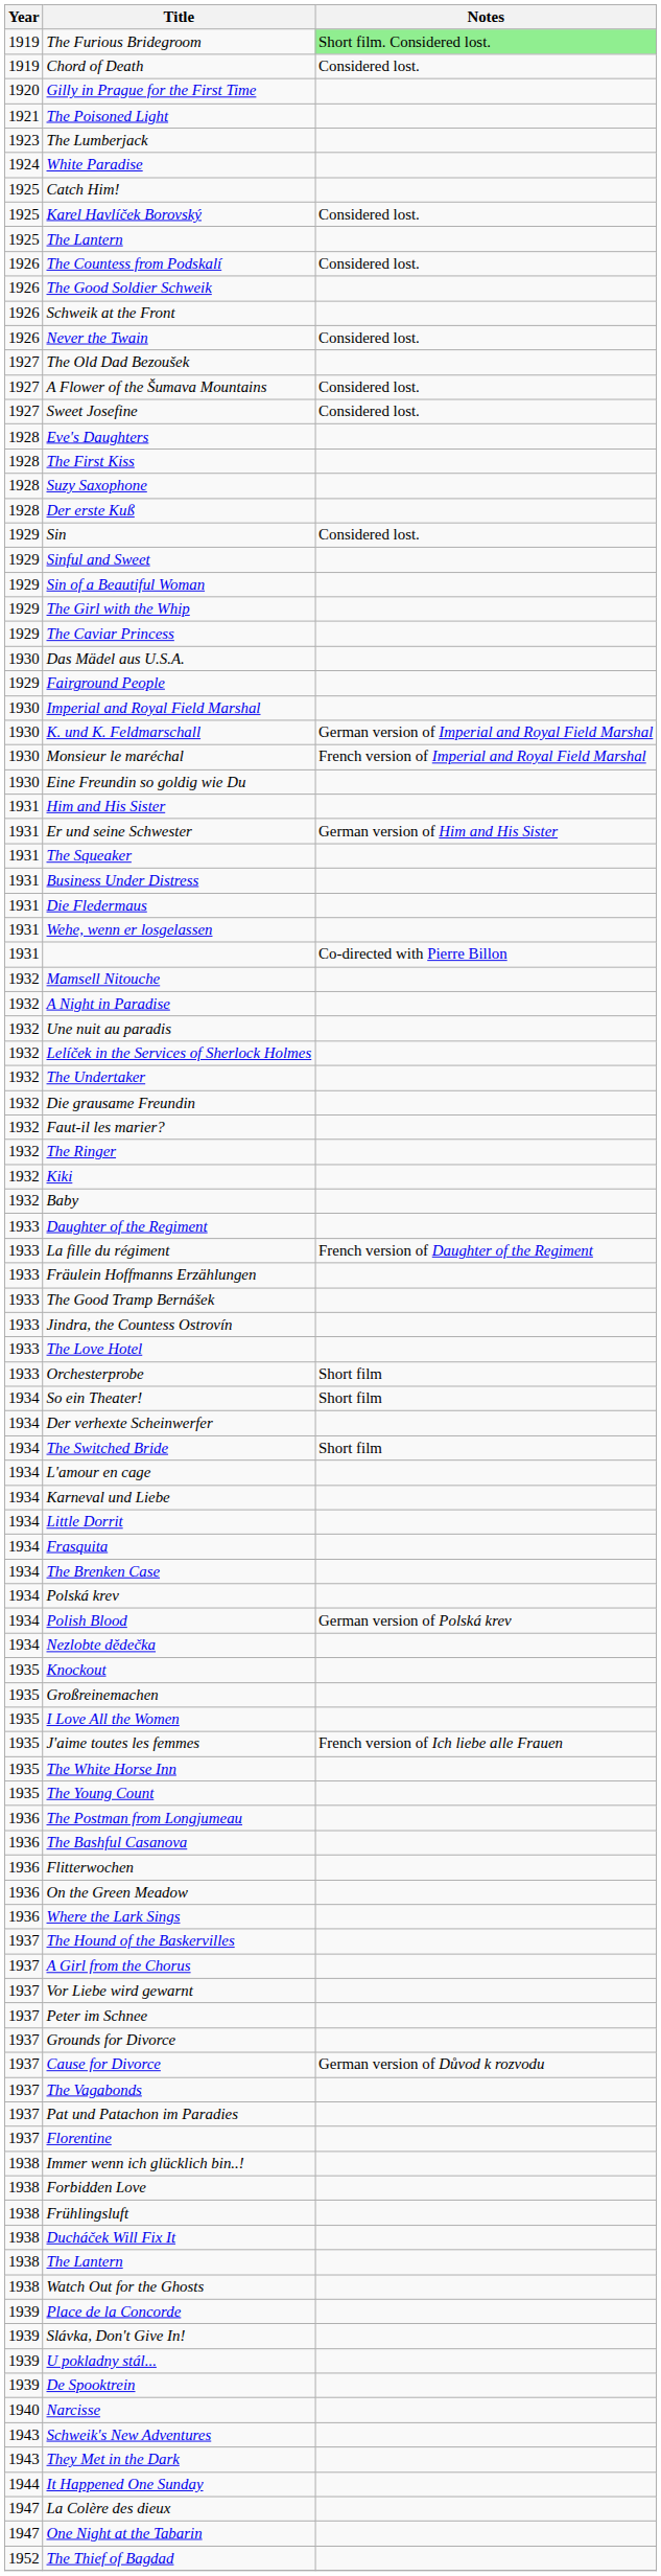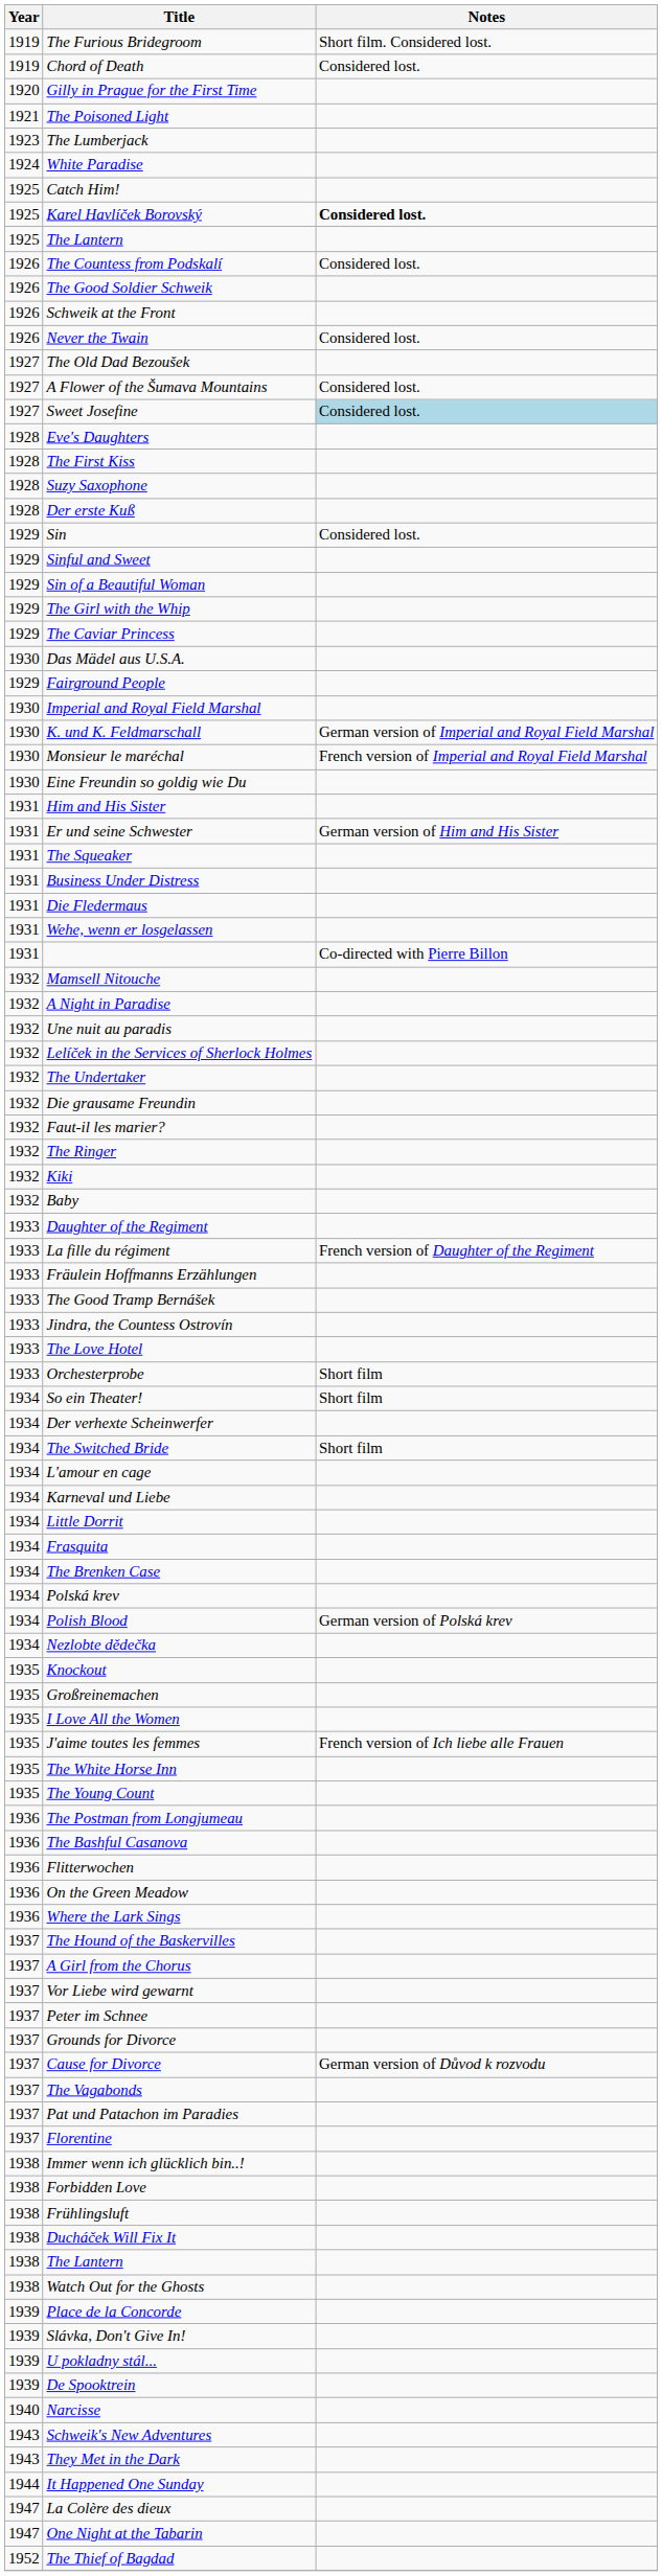 <table class="wikitable sortable">
 <tr>
 <th>Year</th>
 <th>Title</th>
 <th>Notes</th>
 </tr>
 <tr>
 <td>1919</td>
 <td><em>The Furious Bridegroom</em></td>
-<td style="background: lightgreen;">Short film. Considered lost.</td>
+<td>Short film. Considered lost.</td>
 </tr>
 <tr>
 <td>1919</td>
 <td><em>Chord of Death</em></td>
 <td>Considered lost.</td>
 </tr>
 <tr>
 <td>1920</td>
 <td><em><a href='#'>Gilly in Prague for the First Time</a></em></td>
 <td></td>
 </tr>
 <tr>
 <td>1921</td>
 <td><em><a href='#'>The Poisoned Light</a></em></td>
 <td></td>
 </tr>
 <tr>
 <td>1923</td>
 <td><em>The Lumberjack</em></td>
 <td></td>
 </tr>
 <tr>
 <td>1924</td>
 <td><em><a href='#'>White Paradise</a></em></td>
 <td></td>
 </tr>
 <tr>
 <td>1925</td>
 <td><em>Catch Him!</em></td>
 <td></td>
 </tr>
 <tr>
 <td>1925</td>
 <td><em><a href='#'>Karel Havlíček Borovský</a></em></td>
-<td>Considered lost.</td>
+<td><strong>Considered lost.</strong></td>
 </tr>
 <tr>
 <td>1925</td>
 <td><em><a href='#'>The Lantern</a></em></td>
 <td></td>
 </tr>
 <tr>
 <td>1926</td>
 <td><em><a href='#'>The Countess from Podskalí</a></em></td>
 <td>Considered lost.</td>
 </tr>
 <tr>
 <td>1926</td>
 <td><em><a href='#'>The Good Soldier Schweik</a></em></td>
 <td></td>
 </tr>
 <tr>
 <td>1926</td>
 <td><em>Schweik at the Front</em></td>
 <td></td>
 </tr>
 <tr>
 <td>1926</td>
 <td><em><a href='#'>Never the Twain</a></em></td>
 <td>Considered lost.</td>
 </tr>
 <tr>
 <td>1927</td>
 <td><em>The Old Dad Bezoušek</em></td>
 <td></td>
 </tr>
 <tr>
 <td>1927</td>
 <td><em>A Flower of the Šumava Mountains</em></td>
 <td>Considered lost.</td>
 </tr>
 <tr>
 <td>1927</td>
 <td><em>Sweet Josefine</em></td>
-<td>Considered lost.</td>
+<td style="background: lightblue;">Considered lost.</td>
 </tr>
 <tr>
 <td>1928</td>
 <td><em><a href='#'>Eve's Daughters</a></em></td>
 <td></td>
 </tr>
 <tr>
 <td>1928</td>
 <td><em><a href='#'>The First Kiss</a></em></td>
 <td></td>
 </tr>
 <tr>
 <td>1928</td>
 <td><em><a href='#'>Suzy Saxophone</a></em></td>
 <td></td>
 </tr>
 <tr>
 <td>1928</td>
 <td><em><a href='#'>Der erste Kuß</a></em></td>
 <td></td>
 </tr>
 <tr>
 <td>1929</td>
 <td><em>Sin</em></td>
 <td>Considered lost.</td>
 </tr>
 <tr>
 <td>1929</td>
 <td><em><a href='#'>Sinful and Sweet</a></em></td>
 <td></td>
 </tr>
 <tr>
 <td>1929</td>
 <td><em><a href='#'>Sin of a Beautiful Woman</a></em></td>
 <td></td>
 </tr>
 <tr>
 <td>1929</td>
 <td><em><a href='#'>The Girl with the Whip</a></em></td>
 <td></td>
 </tr>
 <tr>
 <td>1929</td>
 <td><em><a href='#'>The Caviar Princess</a></em></td>
 <td></td>
 </tr>
 <tr>
 <td>1930</td>
 <td><em>Das Mädel aus U.S.A.</em></td>
 <td></td>
 </tr>
 <tr>
 <td>1929</td>
 <td><em><a href='#'>Fairground People</a></em></td>
 <td></td>
 </tr>
 <tr>
 <td>1930</td>
 <td><em><a href='#'>Imperial and Royal Field Marshal</a></em></td>
 <td></td>
 </tr>
 <tr>
 <td>1930</td>
 <td><em><a href='#'>K. und K. Feldmarschall</a></em></td>
 <td>German version of <em><a href='#'>Imperial and Royal Field Marshal</a></em></td>
 </tr>
 <tr>
 <td>1930</td>
 <td><em>Monsieur le maréchal</em></td>
 <td>French version of <em><a href='#'>Imperial and Royal Field Marshal</a></em></td>
 </tr>
 <tr>
 <td>1930</td>
 <td><em>Eine Freundin so goldig wie Du</em></td>
 <td></td>
 </tr>
 <tr>
 <td>1931</td>
 <td><em><a href='#'>Him and His Sister</a></em></td>
 <td></td>
 </tr>
 <tr>
 <td>1931</td>
 <td><em>Er und seine Schwester</em></td>
 <td>German version of <em><a href='#'>Him and His Sister</a></em></td>
 </tr>
 <tr>
 <td>1931</td>
 <td><em><a href='#'>The Squeaker</a></em></td>
 <td></td>
 </tr>
 <tr>
 <td>1931</td>
 <td><em><a href='#'>Business Under Distress</a></em></td>
 <td></td>
 </tr>
 <tr>
 <td>1931</td>
 <td><em><a href='#'>Die Fledermaus</a></em></td>
 <td></td>
 </tr>
 <tr>
 <td>1931</td>
 <td><em><a href='#'>Wehe, wenn er losgelassen</a></em></td>
 <td></td>
 </tr>
 <tr>
 <td>1931</td>
 <td><em></em></td>
 <td>Co-directed with <a href='#'>Pierre Billon</a></td>
 </tr>
 <tr>
 <td>1932</td>
 <td><em><a href='#'>Mamsell Nitouche</a></em></td>
 <td></td>
 </tr>
 <tr>
 <td>1932</td>
 <td><em><a href='#'>A Night in Paradise</a></em></td>
 <td></td>
 </tr>
 <tr>
 <td>1932</td>
 <td><em>Une nuit au paradis</em></td>
 <td></td>
 </tr>
 <tr>
 <td>1932</td>
 <td><em><a href='#'>Lelíček in the Services of Sherlock Holmes</a></em></td>
 <td></td>
 </tr>
 <tr>
 <td>1932</td>
 <td><em><a href='#'>The Undertaker</a></em></td>
 <td></td>
 </tr>
 <tr>
 <td>1932</td>
 <td><em>Die grausame Freundin</em></td>
 <td></td>
 </tr>
 <tr>
 <td>1932</td>
 <td><em>Faut-il les marier?</em></td>
 <td></td>
 </tr>
 <tr>
 <td>1932</td>
 <td><em><a href='#'>The Ringer</a></em></td>
 <td></td>
 </tr>
 <tr>
 <td>1932</td>
 <td><em><a href='#'>Kiki</a></em></td>
 <td></td>
 </tr>
 <tr>
 <td>1932</td>
 <td><em>Baby</em></td>
 <td></td>
 </tr>
 <tr>
 <td>1933</td>
 <td><em><a href='#'>Daughter of the Regiment</a></em></td>
 <td></td>
 </tr>
 <tr>
 <td>1933</td>
 <td><em>La fille du régiment</em></td>
 <td>French version of <em><a href='#'>Daughter of the Regiment</a></em></td>
 </tr>
 <tr>
 <td>1933</td>
 <td><em>Fräulein Hoffmanns Erzählungen</em></td>
 <td></td>
 </tr>
 <tr>
 <td>1933</td>
 <td><em>The Good Tramp Bernášek</em></td>
 <td></td>
 </tr>
 <tr>
 <td>1933</td>
 <td><em>Jindra, the Countess Ostrovín</em></td>
 <td></td>
 </tr>
 <tr>
 <td>1933</td>
 <td><em><a href='#'>The Love Hotel</a></em></td>
 <td></td>
 </tr>
 <tr>
 <td>1933</td>
 <td><em>Orchesterprobe</em></td>
 <td>Short film</td>
 </tr>
 <tr>
 <td>1934</td>
 <td><em>So ein Theater!</em></td>
 <td>Short film</td>
 </tr>
 <tr>
 <td>1934</td>
 <td><em>Der verhexte Scheinwerfer</em></td>
 <td></td>
 </tr>
 <tr>
 <td>1934</td>
 <td><em><a href='#'>The Switched Bride</a></em></td>
 <td>Short film</td>
 </tr>
 <tr>
 <td>1934</td>
 <td><em>L'amour en cage</em></td>
 <td></td>
 </tr>
 <tr>
 <td>1934</td>
 <td><em>Karneval und Liebe</em></td>
 <td></td>
 </tr>
 <tr>
 <td>1934</td>
 <td><em><a href='#'>Little Dorrit</a></em></td>
 <td></td>
 </tr>
 <tr>
 <td>1934</td>
 <td><em><a href='#'>Frasquita</a></em></td>
 <td></td>
 </tr>
 <tr>
 <td>1934</td>
 <td><em><a href='#'>The Brenken Case</a></em></td>
 <td></td>
 </tr>
 <tr>
 <td>1934</td>
 <td><em>Polská krev</em></td>
 <td></td>
 </tr>
 <tr>
 <td>1934</td>
 <td><em><a href='#'>Polish Blood</a></em></td>
 <td>German version of <em>Polská krev</em></td>
 </tr>
 <tr>
 <td>1934</td>
 <td><em><a href='#'>Nezlobte dědečka</a></em></td>
 <td></td>
 </tr>
 <tr>
 <td>1935</td>
 <td><em><a href='#'>Knockout</a></em></td>
 <td></td>
 </tr>
 <tr>
 <td>1935</td>
 <td><em>Großreinemachen</em></td>
 <td></td>
 </tr>
 <tr>
 <td>1935</td>
 <td><em><a href='#'>I Love All the Women</a></em></td>
 <td></td>
 </tr>
 <tr>
 <td>1935</td>
 <td><em>J'aime toutes les femmes</em></td>
 <td>French version of <em>Ich liebe alle Frauen</em></td>
 </tr>
 <tr>
 <td>1935</td>
 <td><em><a href='#'>The White Horse Inn</a></em></td>
 <td></td>
 </tr>
 <tr>
 <td>1935</td>
 <td><em><a href='#'>The Young Count</a></em></td>
 <td></td>
 </tr>
 <tr>
 <td>1936</td>
 <td><em><a href='#'>The Postman from Longjumeau</a></em></td>
 <td></td>
 </tr>
 <tr>
 <td>1936</td>
 <td><em><a href='#'>The Bashful Casanova</a></em></td>
 <td></td>
 </tr>
 <tr>
 <td>1936</td>
 <td><em>Flitterwochen</em></td>
 <td></td>
 </tr>
 <tr>
 <td>1936</td>
 <td><em>On the Green Meadow</em></td>
 <td></td>
 </tr>
 <tr>
 <td>1936</td>
 <td><em><a href='#'>Where the Lark Sings</a></em></td>
 <td></td>
 </tr>
 <tr>
 <td>1937</td>
 <td><em><a href='#'>The Hound of the Baskervilles</a></em></td>
 <td></td>
 </tr>
 <tr>
 <td>1937</td>
 <td><em><a href='#'>A Girl from the Chorus</a></em></td>
 <td></td>
 </tr>
 <tr>
 <td>1937</td>
 <td><em>Vor Liebe wird gewarnt</em></td>
 <td></td>
 </tr>
 <tr>
 <td>1937</td>
 <td><em>Peter im Schnee</em></td>
 <td></td>
 </tr>
 <tr>
 <td>1937</td>
 <td><em>Grounds for Divorce</em></td>
 <td></td>
 </tr>
 <tr>
 <td>1937</td>
 <td><em><a href='#'>Cause for Divorce</a></em></td>
 <td>German version of <em>Důvod k rozvodu</em></td>
 </tr>
 <tr>
 <td>1937</td>
 <td><em><a href='#'>The Vagabonds</a></em></td>
 <td></td>
 </tr>
 <tr>
 <td>1937</td>
 <td><em>Pat und Patachon im Paradies</em></td>
 <td></td>
 </tr>
 <tr>
 <td>1937</td>
 <td><em><a href='#'>Florentine</a></em></td>
 <td></td>
 </tr>
 <tr>
 <td>1938</td>
 <td><em>Immer wenn ich glücklich bin..!</em></td>
 <td></td>
 </tr>
 <tr>
 <td>1938</td>
 <td><em>Forbidden Love</em></td>
 <td></td>
 </tr>
 <tr>
 <td>1938</td>
 <td><em>Frühlingsluft</em></td>
 <td></td>
 </tr>
 <tr>
 <td>1938</td>
 <td><em><a href='#'>Ducháček Will Fix It</a></em></td>
 <td></td>
 </tr>
 <tr>
 <td>1938</td>
 <td><em><a href='#'>The Lantern</a></em></td>
 <td></td>
 </tr>
 <tr>
 <td>1938</td>
 <td><em>Watch Out for the Ghosts</em></td>
 <td></td>
 </tr>
 <tr>
 <td>1939</td>
 <td><em><a href='#'>Place de la Concorde</a></em></td>
 <td></td>
 </tr>
 <tr>
 <td>1939</td>
 <td><em>Slávka, Don't Give In!</em></td>
 <td></td>
 </tr>
 <tr>
 <td>1939</td>
 <td><em><a href='#'>U pokladny stál...</a></em></td>
 <td></td>
 </tr>
 <tr>
 <td>1939</td>
 <td><em><a href='#'>De Spooktrein</a></em></td>
 <td></td>
 </tr>
 <tr>
 <td>1940</td>
 <td><em><a href='#'>Narcisse</a></em></td>
 <td></td>
 </tr>
 <tr>
 <td>1943</td>
 <td><em><a href='#'>Schweik's New Adventures</a></em></td>
 <td></td>
 </tr>
 <tr>
 <td>1943</td>
 <td><em><a href='#'>They Met in the Dark</a></em></td>
 <td></td>
 </tr>
 <tr>
 <td>1944</td>
 <td><em><a href='#'>It Happened One Sunday</a></em></td>
 <td></td>
 </tr>
 <tr>
 <td>1947</td>
 <td><em>La Colère des dieux</em></td>
 <td></td>
 </tr>
 <tr>
 <td>1947</td>
 <td><em><a href='#'>One Night at the Tabarin</a></em></td>
 <td></td>
 </tr>
 <tr>
 <td>1952</td>
 <td><em><a href='#'>The Thief of Bagdad</a></em></td>
 <td></td>
 </tr>
 <tr>
 </tr>
 </table>
